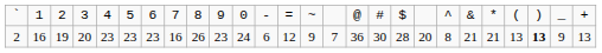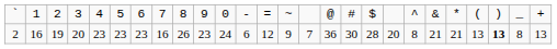 <table class="wikitable" style="text-align: center;">
 <tr style="font-family: Courier, monospace; font-size: 12pt;">
 <td style="width: 20px;">`</td>
 <td style="width: 20px;">1</td>
 <td style="width: 20px;">2</td>
 <td style="width: 20px;">3</td>
 <td style="width: 20px;">4</td>
 <td style="width: 20px;">5</td>
 <td style="width: 20px;">6</td>
 <td style="width: 20px;">7</td>
 <td style="width: 20px;">8</td>
 <td style="width: 20px;">9</td>
 <td style="width: 20px;">0</td>
 <td style="width: 20px;">-</td>
 <td style="width: 20px;">=</td>
 <td style="width: 20px;">~</td>
 <td style="width: 20px;"></td>
 <td style="width: 20px;">@</td>
 <td style="width: 20px;">#</td>
 <td style="width: 20px;">$</td>
 <td style="width: 20px;"></td>
 <td style="width: 20px;">^</td>
 <td style="width: 20px;">&</td>
 <td style="width: 20px;">*</td>
 <td style="width: 20px;">(</td>
 <td style="width: 20px;">)</td>
 <td style="width: 20px;">_</td>
 <td style="width: 20px;">+</td>
 </tr>
 <tr>
 <td>2</td>
 <td>16</td>
 <td>19</td>
 <td>20</td>
 <td>23</td>
 <td>23</td>
 <td>23</td>
 <td>16</td>
 <td>26</td>
 <td>23</td>
 <td>24</td>
 <td>6</td>
 <td>12</td>
 <td>9</td>
 <td>7</td>
 <td>36</td>
 <td>30</td>
 <td>28</td>
 <td>20</td>
 <td>8</td>
 <td>21</td>
 <td>21</td>
 <td>13</td>
 <td><strong>13</strong></td>
-<td>9</td>
+<td>8</td>
 <td>13</td>
 </tr>
 </table>
